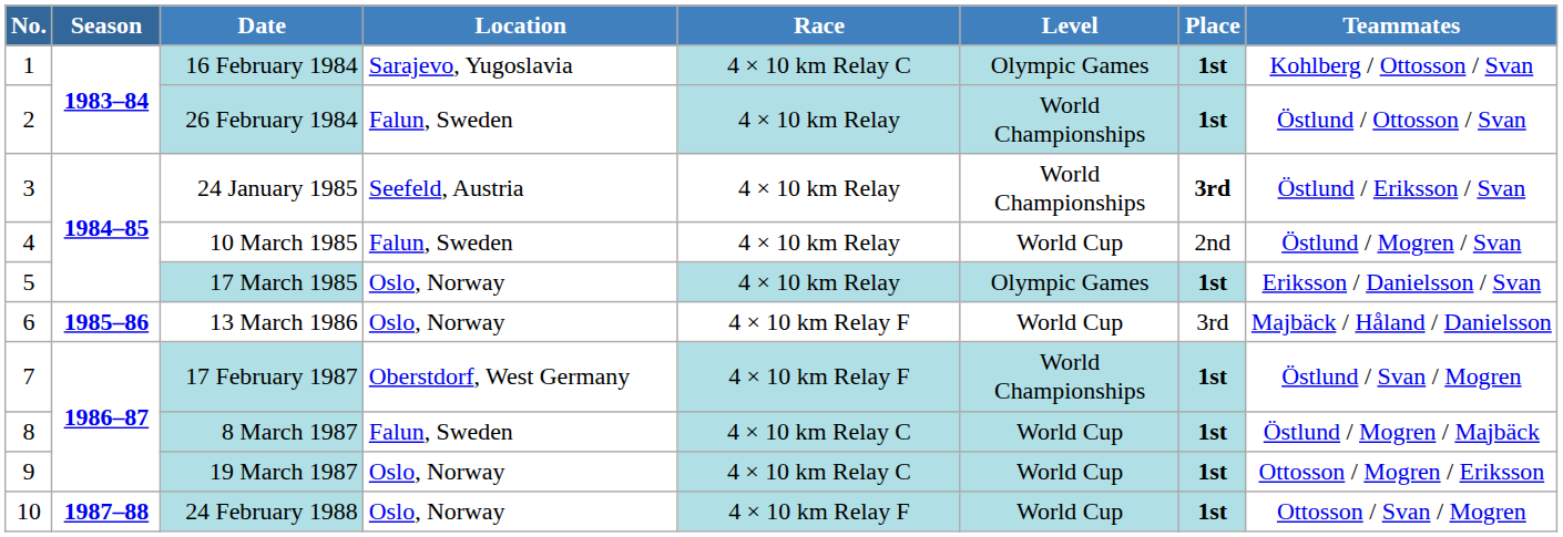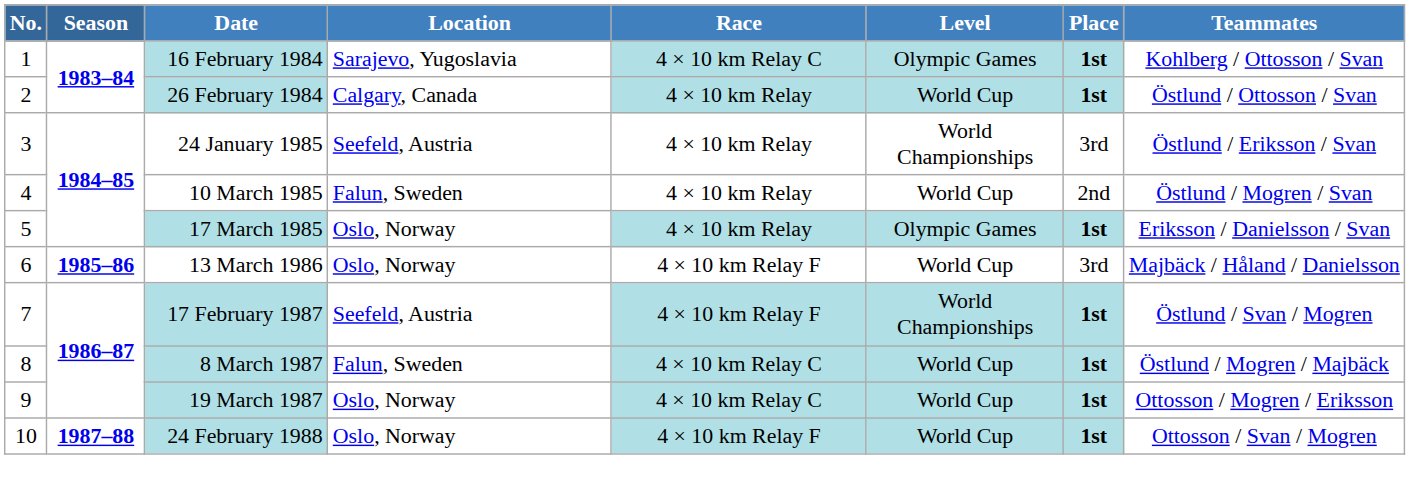 <table class="wikitable sortable" style="font-size:95%; text-align:center; border:grey solid 1px; border-collapse:collapse; background:#ffffff;">
 <tr style="background:#efefef;">
 <th style="background-color:#369; color:white;">No.</th>
 <th style="background-color:#369; color:white;">Season</th>
 <th style="background-color:#4180be; color:white; width:120px;">Date</th>
 <th style="background-color:#4180be; color:white; width:190px;">Location</th>
 <th style="background-color:#4180be; color:white; width:170px;">Race</th>
 <th style="background-color:#4180be; color:white; width:130px;">Level</th>
 <th style="background-color:#4180be; color:white;">Place</th>
 <th style="background-color:#4180be; color:white;">Teammates</th>
 </tr>
 <tr>
 <td align=center>1</td>
 <td rowspan=2 align=center><strong><a href='#'>1983–84</a></strong></td>
 <td bgcolor="#BOEOE6" align=right>16 February 1984</td>
 <td align=left> <a href='#'>Sarajevo</a>, Yugoslavia</td>
 <td bgcolor="#BOEOE6">4 × 10 km Relay C</td>
 <td bgcolor="#BOEOE6">Olympic Games</td>
 <td bgcolor="#BOEOE6"><strong>1st</strong></td>
 <td><a href='#'>Kohlberg</a> / <a href='#'>Ottosson</a> / <a href='#'>Svan</a></td>
 </tr>
 <tr>
 <td align=center>2</td>
 <td bgcolor="#BOEOE6" align=right>26 February 1984</td>
-<td align=left> <a href='#'>Falun</a>, Sweden</td>
+<td align=left> <a href='#'>Calgary</a>, Canada</td>
 <td bgcolor="#BOEOE6">4 × 10 km Relay</td>
-<td bgcolor="#BOEOE6">World Championships</td>
+<td bgcolor="#BOEOE6">World Cup</td>
 <td bgcolor="#BOEOE6"><strong>1st</strong></td>
 <td><a href='#'>Östlund</a> / <a href='#'>Ottosson</a> / <a href='#'>Svan</a></td>
 </tr>
 <tr>
 <td align=center>3</td>
 <td rowspan=3 align=center><strong> <a href='#'>1984–85</a> </strong></td>
 <td align=right>24 January 1985</td>
 <td align=left> <a href='#'>Seefeld</a>, Austria</td>
 <td>4 × 10 km Relay</td>
 <td>World Championships</td>
-<td><strong>3rd</strong></td>
+<td>3rd</td>
 <td><a href='#'>Östlund</a> / <a href='#'>Eriksson</a> / <a href='#'>Svan</a></td>
 </tr>
 <tr>
 <td align=center>4</td>
 <td align=right>10 March 1985</td>
 <td align=left> <a href='#'>Falun</a>, Sweden</td>
 <td>4 × 10 km Relay</td>
 <td>World Cup</td>
 <td>2nd</td>
 <td><a href='#'>Östlund</a> / <a href='#'>Mogren</a> / <a href='#'>Svan</a></td>
 </tr>
 <tr>
 <td align=center>5</td>
 <td bgcolor="#BOEOE6" align=right>17 March 1985</td>
 <td align=left> <a href='#'>Oslo</a>, Norway</td>
 <td bgcolor="#BOEOE6">4 × 10 km Relay</td>
 <td bgcolor="#BOEOE6">Olympic Games</td>
 <td bgcolor="#BOEOE6"><strong>1st</strong></td>
 <td><a href='#'>Eriksson</a> / <a href='#'>Danielsson</a> / <a href='#'>Svan</a></td>
 </tr>
 <tr>
 <td align=center>6</td>
 <td rowspan=1 align=center><strong> <a href='#'>1985–86</a> </strong></td>
 <td align=right>13 March 1986</td>
 <td align=left> <a href='#'>Oslo</a>, Norway</td>
 <td>4 × 10 km Relay F</td>
 <td>World Cup</td>
 <td>3rd</td>
 <td><a href='#'>Majbäck</a> / <a href='#'>Håland</a> / <a href='#'>Danielsson</a></td>
 </tr>
 <tr>
 <td align=center>7</td>
 <td rowspan=3 align=center><strong><a href='#'>1986–87</a></strong></td>
 <td bgcolor="#BOEOE6" align=right>17 February 1987</td>
-<td align=left> <a href='#'>Oberstdorf</a>, West Germany</td>
+<td align=left> <a href='#'>Seefeld</a>, Austria</td>
 <td bgcolor="#BOEOE6">4 × 10 km Relay F</td>
 <td bgcolor="#BOEOE6">World Championships</td>
 <td bgcolor="#BOEOE6"><strong>1st</strong></td>
 <td><a href='#'>Östlund</a> / <a href='#'>Svan</a> / <a href='#'>Mogren</a></td>
 </tr>
 <tr>
 <td align=center>8</td>
 <td bgcolor="#BOEOE6" align=right>8 March 1987</td>
 <td align=left> <a href='#'>Falun</a>, Sweden</td>
 <td bgcolor="#BOEOE6">4 × 10 km Relay C</td>
 <td bgcolor="#BOEOE6">World Cup</td>
 <td bgcolor="#BOEOE6"><strong>1st</strong></td>
 <td><a href='#'>Östlund</a> / <a href='#'>Mogren</a> / <a href='#'>Majbäck</a></td>
 </tr>
 <tr>
 <td align=center>9</td>
 <td bgcolor="#BOEOE6" align=right>19 March 1987</td>
 <td align=left> <a href='#'>Oslo</a>, Norway</td>
 <td bgcolor="#BOEOE6">4 × 10 km Relay C</td>
 <td bgcolor="#BOEOE6">World Cup</td>
 <td bgcolor="#BOEOE6"><strong>1st</strong></td>
 <td><a href='#'>Ottosson</a> / <a href='#'>Mogren</a> / <a href='#'>Eriksson</a></td>
 </tr>
 <tr>
 <td align=center>10</td>
 <td rowspan=1 align=center><strong><a href='#'>1987–88</a></strong></td>
 <td bgcolor="#BOEOE6" align=right>24 February 1988</td>
 <td align=left> <a href='#'>Oslo</a>, Norway</td>
 <td bgcolor="#BOEOE6">4 × 10 km Relay F</td>
 <td bgcolor="#BOEOE6">World Cup</td>
 <td bgcolor="#BOEOE6"><strong>1st</strong></td>
 <td><a href='#'>Ottosson</a> / <a href='#'>Svan</a> / <a href='#'>Mogren</a></td>
 </tr>
 </table>
